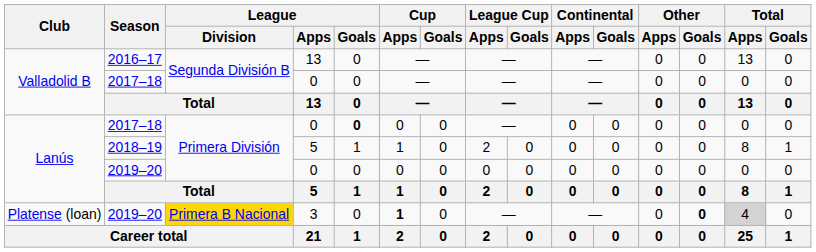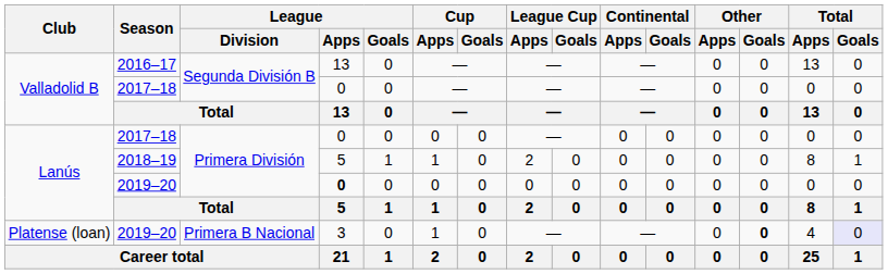 <table class="wikitable" style="text-align:center">
 <tr>
 <th rowspan="2">Club</th>
 <th rowspan="2">Season</th>
 <th colspan="3">League</th>
 <th colspan="2">Cup</th>
 <th colspan="2">League Cup</th>
 <th colspan="2">Continental</th>
 <th colspan="2">Other</th>
 <th colspan="2">Total</th>
 </tr>
 <tr>
 <th>Division</th>
 <th>Apps</th>
 <th>Goals</th>
 <th>Apps</th>
 <th>Goals</th>
 <th>Apps</th>
 <th>Goals</th>
 <th>Apps</th>
 <th>Goals</th>
 <th>Apps</th>
 <th>Goals</th>
 <th>Apps</th>
 <th>Goals</th>
 </tr>
 <tr>
 <td rowspan="3"><a href='#'>Valladolid B</a></td>
 <td><a href='#'>2016–17</a></td>
 <td rowspan="2"><a href='#'>Segunda División B</a></td>
 <td>13</td>
 <td>0</td>
 <td colspan="2">—</td>
 <td colspan="2">—</td>
 <td colspan="2">—</td>
 <td>0</td>
 <td>0</td>
 <td>13</td>
 <td>0</td>
 </tr>
 <tr>
 <td><a href='#'>2017–18</a></td>
 <td>0</td>
 <td>0</td>
 <td colspan="2">—</td>
 <td colspan="2">—</td>
 <td colspan="2">—</td>
 <td>0</td>
 <td>0</td>
 <td>0</td>
 <td>0</td>
 </tr>
 <tr>
 <th colspan="2">Total</th>
 <th>13</th>
 <th>0</th>
 <th colspan="2">—</th>
 <th colspan="2">—</th>
 <th colspan="2">—</th>
 <th>0</th>
 <th>0</th>
 <th>13</th>
 <th>0</th>
 </tr>
 <tr>
 <td rowspan="4"><a href='#'>Lanús</a></td>
 <td><a href='#'>2017–18</a></td>
 <td rowspan="3"><a href='#'>Primera División</a></td>
 <td>0</td>
-<td><strong>0</strong></td>
+<td>0</td>
 <td>0</td>
 <td>0</td>
 <td colspan="2">—</td>
 <td>0</td>
 <td>0</td>
 <td>0</td>
 <td>0</td>
 <td>0</td>
 <td>0</td>
 </tr>
 <tr>
 <td><a href='#'>2018–19</a></td>
 <td>5</td>
 <td>1</td>
 <td>1</td>
 <td>0</td>
 <td>2</td>
 <td>0</td>
 <td>0</td>
 <td>0</td>
 <td>0</td>
 <td>0</td>
 <td>8</td>
 <td>1</td>
 </tr>
 <tr>
 <td><a href='#'>2019–20</a></td>
-<td>0</td>
+<td><strong>0</strong></td>
 <td>0</td>
 <td>0</td>
 <td>0</td>
 <td>0</td>
 <td>0</td>
 <td>0</td>
 <td>0</td>
 <td>0</td>
 <td>0</td>
 <td>0</td>
 <td>0</td>
 </tr>
 <tr>
 <th colspan="2">Total</th>
 <th>5</th>
 <th>1</th>
 <th>1</th>
 <th>0</th>
 <th>2</th>
 <th>0</th>
 <th>0</th>
 <th>0</th>
 <th>0</th>
 <th>0</th>
 <th>8</th>
 <th>1</th>
 </tr>
 <tr>
 <td rowspan="1"><a href='#'>Platense</a> (loan)</td>
 <td><a href='#'>2019–20</a></td>
-<td rowspan="1" style="background: gold;"><a href='#'>Primera B Nacional</a></td>
+<td rowspan="1"><a href='#'>Primera B Nacional</a></td>
 <td>3</td>
 <td>0</td>
-<td><strong>1</strong></td>
+<td>1</td>
 <td>0</td>
 <td colspan="2">—</td>
 <td colspan="2">—</td>
 <td>0</td>
 <td><strong>0</strong></td>
-<td style="background: lightgrey;">4</td>
-<td>0</td>
+<td>4</td>
+<td style="background: lavender;">0</td>
 </tr>
 <tr>
 <th colspan="3">Career total</th>
 <th>21</th>
 <th>1</th>
 <th>2</th>
 <th>0</th>
 <th>2</th>
 <th>0</th>
 <th>0</th>
 <th>0</th>
 <th>0</th>
 <th>0</th>
 <th>25</th>
 <th>1</th>
 </tr>
 </table>
